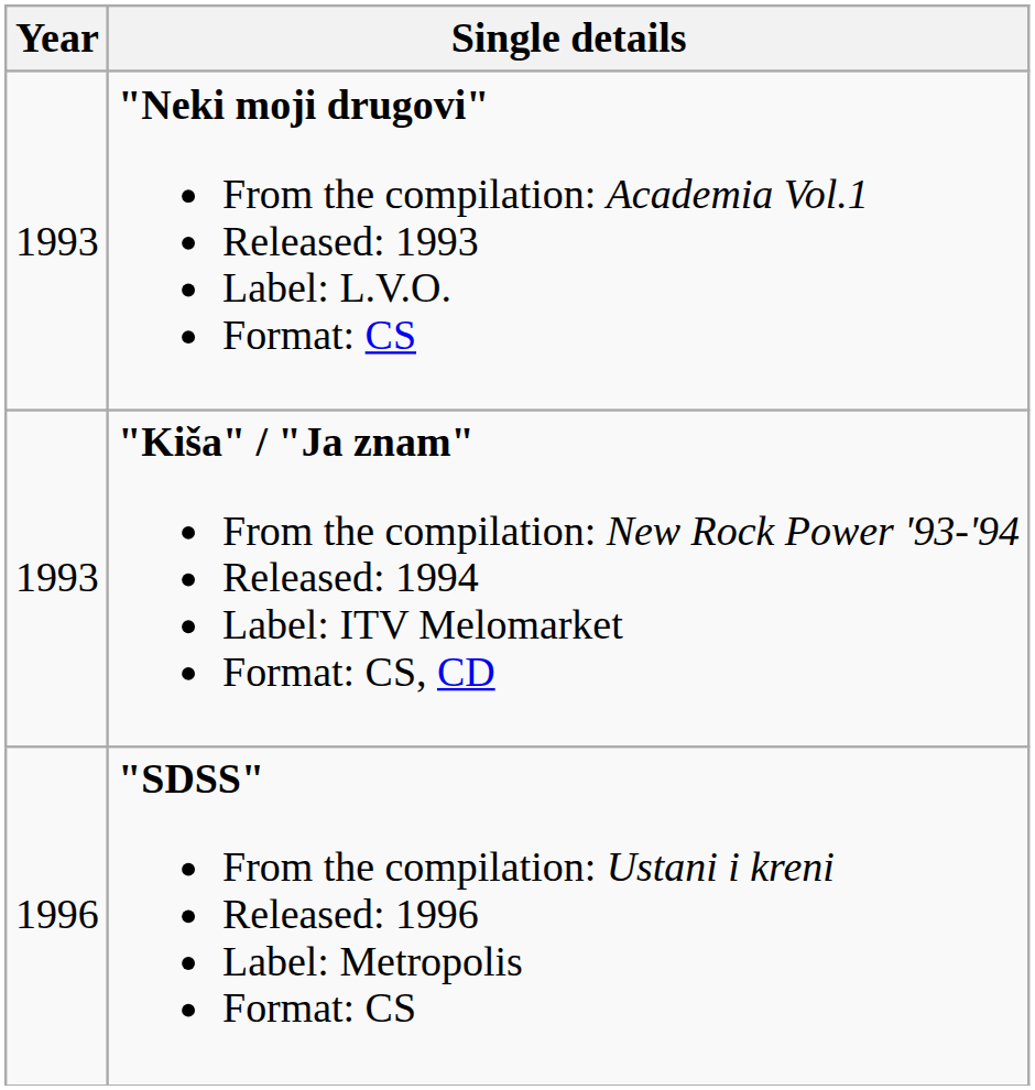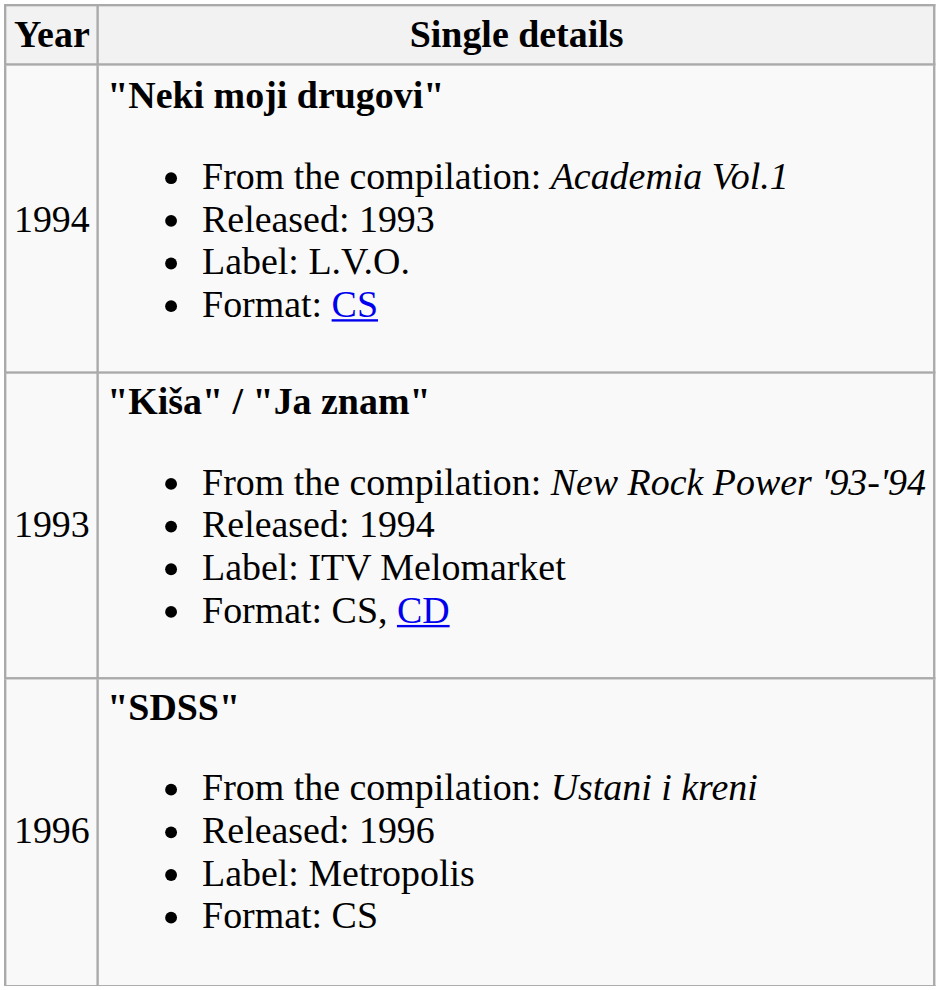 <table class ="wikitable">
 <tr>
 <th>Year</th>
 <th>Single details</th>
 </tr>
 <tr>
-<td align="center" rowspan="1">1993</td>
+<td align="center" rowspan="1">1994</td>
 <td><strong>"Neki moji drugovi"</strong><br><ul><li>From the compilation: <em>Academia Vol.1</em></li><li>Released: 1993</li><li>Label: L.V.O.</li><li>Format: <a href='#'>CS</a></li></ul></td>
 </tr>
 <tr>
 <td align="center" rowspan="1">1993</td>
 <td><strong>"Kiša" / "Ja znam"</strong><br><ul><li>From the compilation: <em>New Rock Power '93-'94</em></li><li>Released: 1994</li><li>Label: ITV Melomarket</li><li>Format: CS, <a href='#'>CD</a></li></ul></td>
 </tr>
 <tr>
 <td align="center" rowspan="1">1996</td>
 <td><strong>"SDSS"</strong><br><ul><li>From the compilation: <em>Ustani i kreni</em></li><li>Released: 1996</li><li>Label: Metropolis</li><li>Format: CS</li></ul></td>
 </tr>
 <tr>
 </tr>
 </table>
